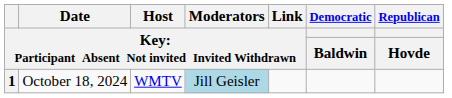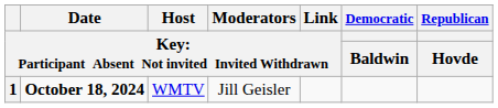 <table class="wikitable" style="text-align:center;">
 <tr>
 <th scope="col"></th>
 <th scope="col">Date</th>
 <th scope="col">Host</th>
 <th scope="col">Moderators</th>
 <th scope="col">Link</th>
 <th scope="col"><small><a href='#'>Democratic</a></small></th>
 <th scope="col"><small><a href='#'>Republican</a></small></th>
 </tr>
 <tr>
 <th colspan="5" rowspan="2">Key:<br> <small>Participant </small>  <small>Absent </small>  <small>Not invited </small>  <small>Invited  Withdrawn</small></th>
 <th scope="col" style="background:"></th>
 <th scope="col" style="background:"></th>
 </tr>
 <tr>
 <th scope="col">Baldwin</th>
 <th scope="col">Hovde</th>
 </tr>
 <tr>
 <th>1</th>
-<td style="white-space:nowrap;">October 18, 2024</td>
+<td style="white-space:nowrap;"><strong>October 18, 2024</strong></td>
 <td style="white-space:nowrap;"><a href='#'>WMTV</a></td>
-<td style="background: lightblue; white-space:nowrap;">Jill Geisler</td>
+<td style="white-space:nowrap;">Jill Geisler</td>
 <td style="white-space:nowrap;"></td>
 <td></td>
 <td></td>
 </tr>
 </table>
